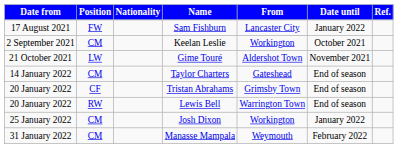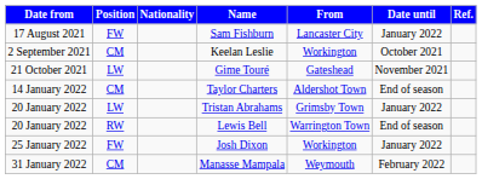 <table class="wikitable"  style="text-align:center; font-size:90%; ">
 <tr>
 <th style="background:#0000FF;color:white;">Date from</th>
 <th style="background:#0000FF;color:white;">Position</th>
 <th style="background:#0000FF;color:white;">Nationality</th>
 <th style="background:#0000FF;color:white;">Name</th>
 <th style="background:#0000FF;color:white;">From</th>
 <th style="background:#0000FF;color:white;">Date until</th>
 <th style="background:#0000FF;color:white;">Ref.</th>
 </tr>
 <tr>
 <td>17 August 2021</td>
 <td><a href='#'>FW</a></td>
 <td></td>
 <td><a href='#'>Sam Fishburn</a></td>
 <td> <a href='#'>Lancaster City</a></td>
 <td>January 2022</td>
 <td></td>
 </tr>
 <tr>
 <td>2 September 2021</td>
 <td><a href='#'>CM</a></td>
 <td></td>
 <td>Keelan Leslie</td>
 <td> <a href='#'>Workington</a></td>
 <td>October 2021</td>
 <td></td>
 </tr>
 <tr>
 <td>21 October 2021</td>
 <td><a href='#'>LW</a></td>
 <td></td>
 <td><a href='#'>Gime Touré</a></td>
-<td> <a href='#'>Aldershot Town</a></td>
+<td> <a href='#'>Gateshead</a></td>
 <td>November 2021</td>
 <td></td>
 </tr>
 <tr>
 <td>14 January 2022</td>
 <td><a href='#'>CM</a></td>
 <td></td>
 <td><a href='#'>Taylor Charters</a></td>
-<td> <a href='#'>Gateshead</a></td>
+<td> <a href='#'>Aldershot Town</a></td>
 <td>End of season</td>
 <td></td>
 </tr>
 <tr>
 <td>20 January 2022</td>
-<td><a href='#'>CF</a></td>
+<td><a href='#'>LW</a></td>
 <td></td>
 <td><a href='#'>Tristan Abrahams</a></td>
 <td> <a href='#'>Grimsby Town</a></td>
-<td>End of season</td>
+<td>January 2022</td>
 <td></td>
 </tr>
 <tr>
 <td>20 January 2022</td>
 <td><a href='#'>RW</a></td>
 <td></td>
 <td><a href='#'>Lewis Bell</a></td>
 <td> <a href='#'>Warrington Town</a></td>
 <td>End of season</td>
 <td></td>
 </tr>
 <tr>
 <td>25 January 2022</td>
-<td><a href='#'>CM</a></td>
+<td><a href='#'>FW</a></td>
 <td></td>
 <td><a href='#'>Josh Dixon</a></td>
 <td> <a href='#'>Workington</a></td>
 <td>January 2022</td>
 <td></td>
 </tr>
 <tr>
 <td>31 January 2022</td>
 <td><a href='#'>CM</a></td>
 <td></td>
 <td><a href='#'>Manasse Mampala</a></td>
 <td> <a href='#'>Weymouth</a></td>
 <td>February 2022</td>
 <td></td>
 </tr>
 </table>
